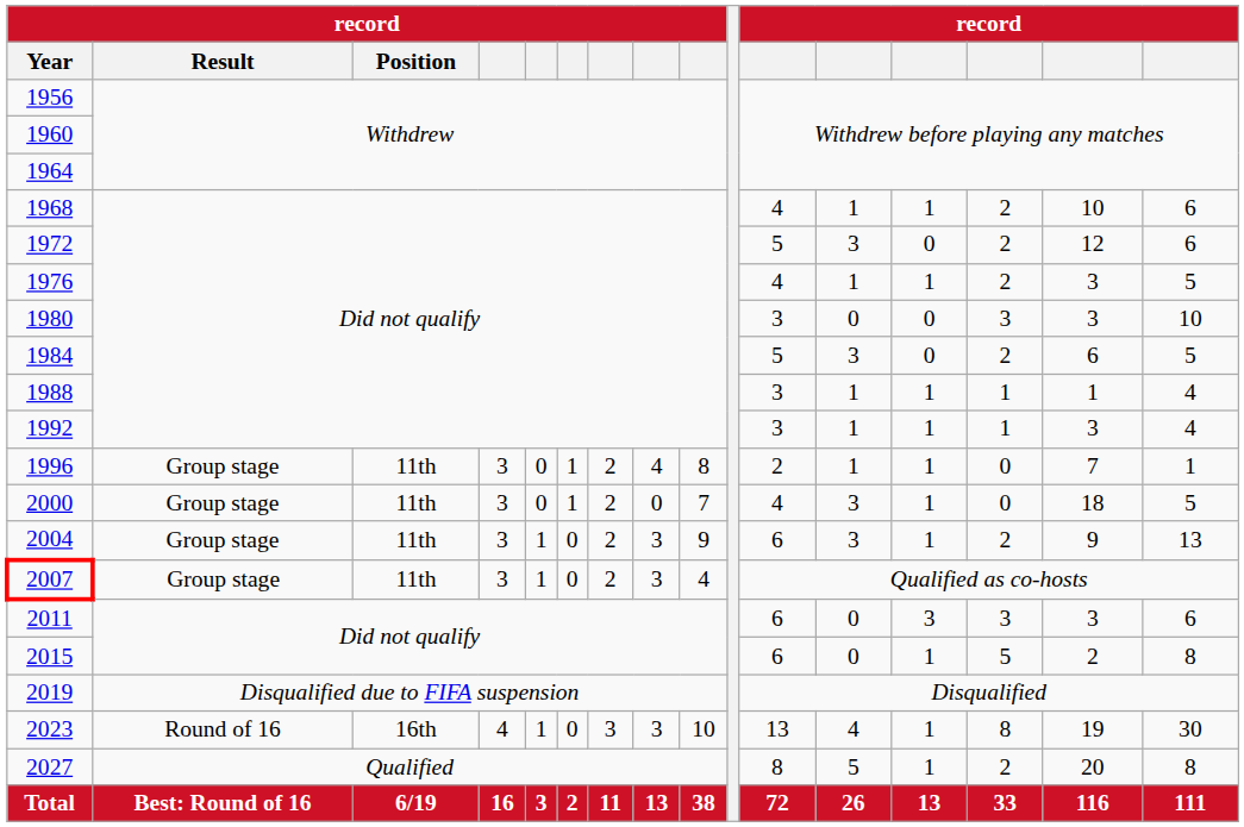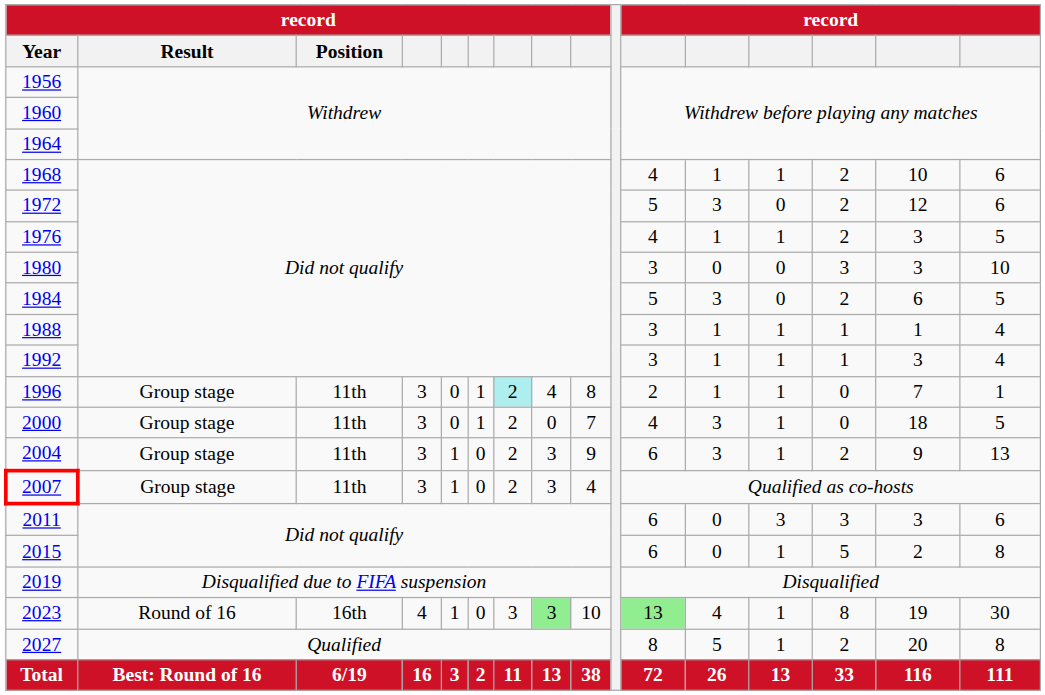 <table class="wikitable" style="text-align: center; width: 850px;">
 <tr>
 <th colspan=9 style="background: #CE1126; color: #FFFFFF;"><a href='#'></a> record</th>
 <th style="width:1%;" rowspan="22"></th>
 <th colspan=6 style="background: #CE1126; color: #FFFFFF;"><a href='#'></a> record</th>
 </tr>
 <tr>
 <th>Year</th>
 <th>Result</th>
 <th>Position</th>
 <th></th>
 <th></th>
 <th></th>
 <th></th>
 <th></th>
 <th></th>
 <th></th>
 <th></th>
 <th></th>
 <th></th>
 <th></th>
 <th></th>
 </tr>
 <tr>
 <td> <a href='#'>1956</a></td>
 <td rowspan=3 colspan=8><em>Withdrew</em></td>
 <td rowspan=3 colspan=6><em>Withdrew before playing any matches</em></td>
 </tr>
 <tr>
 <td> <a href='#'>1960</a></td>
 </tr>
 <tr>
 <td> <a href='#'>1964</a></td>
 </tr>
 <tr>
 <td> <a href='#'>1968</a></td>
 <td rowspan=7 colspan=8><em>Did not qualify</em></td>
 <td>4</td>
 <td>1</td>
 <td>1</td>
 <td>2</td>
 <td>10</td>
 <td>6</td>
 </tr>
 <tr>
 <td> <a href='#'>1972</a></td>
 <td>5</td>
 <td>3</td>
 <td>0</td>
 <td>2</td>
 <td>12</td>
 <td>6</td>
 </tr>
 <tr>
 <td> <a href='#'>1976</a></td>
 <td>4</td>
 <td>1</td>
 <td>1</td>
 <td>2</td>
 <td>3</td>
 <td>5</td>
 </tr>
 <tr>
 <td> <a href='#'>1980</a></td>
 <td>3</td>
 <td>0</td>
 <td>0</td>
 <td>3</td>
 <td>3</td>
 <td>10</td>
 </tr>
 <tr>
 <td> <a href='#'>1984</a></td>
 <td>5</td>
 <td>3</td>
 <td>0</td>
 <td>2</td>
 <td>6</td>
 <td>5</td>
 </tr>
 <tr>
 <td> <a href='#'>1988</a></td>
 <td>3</td>
 <td>1</td>
 <td>1</td>
 <td>1</td>
 <td>1</td>
 <td>4</td>
 </tr>
 <tr>
 <td> <a href='#'>1992</a></td>
 <td>3</td>
 <td>1</td>
 <td>1</td>
 <td>1</td>
 <td>3</td>
 <td>4</td>
 </tr>
 <tr>
 <td> <a href='#'>1996</a></td>
 <td>Group stage</td>
 <td>11th</td>
 <td>3</td>
 <td>0</td>
 <td>1</td>
-<td>2</td>
+<td style="background: paleturquoise;">2</td>
 <td>4</td>
 <td>8</td>
 <td>2</td>
 <td>1</td>
 <td>1</td>
 <td>0</td>
 <td>7</td>
 <td>1</td>
 </tr>
 <tr>
 <td> <a href='#'>2000</a></td>
 <td>Group stage</td>
 <td>11th</td>
 <td>3</td>
 <td>0</td>
 <td>1</td>
 <td>2</td>
 <td>0</td>
 <td>7</td>
 <td>4</td>
 <td>3</td>
 <td>1</td>
 <td>0</td>
 <td>18</td>
 <td>5</td>
 </tr>
 <tr>
 <td> <a href='#'>2004</a></td>
 <td>Group stage</td>
 <td>11th</td>
 <td>3</td>
 <td>1</td>
 <td>0</td>
 <td>2</td>
 <td>3</td>
 <td>9</td>
 <td>6</td>
 <td>3</td>
 <td>1</td>
 <td>2</td>
 <td>9</td>
 <td>13</td>
 </tr>
 <tr>
 <td style="border: 3px solid red"> <a href='#'>2007</a></td>
 <td>Group stage</td>
 <td>11th</td>
 <td>3</td>
 <td>1</td>
 <td>0</td>
 <td>2</td>
 <td>3</td>
 <td>4</td>
 <td colspan=6><em>Qualified as co-hosts</em></td>
 </tr>
 <tr>
 <td> <a href='#'>2011</a></td>
 <td rowspan=2 colspan=8><em>Did not qualify</em></td>
 <td>6</td>
 <td>0</td>
 <td>3</td>
 <td>3</td>
 <td>3</td>
 <td>6</td>
 </tr>
 <tr>
 <td> <a href='#'>2015</a></td>
 <td>6</td>
 <td>0</td>
 <td>1</td>
 <td>5</td>
 <td>2</td>
 <td>8</td>
 </tr>
 <tr>
 <td> <a href='#'>2019</a></td>
 <td colspan=8><em>Disqualified due to <a href='#'>FIFA</a> suspension</em></td>
 <td colspan=8><em>Disqualified</em></td>
 </tr>
 <tr>
 <td> <a href='#'>2023</a></td>
 <td>Round of 16</td>
 <td>16th</td>
 <td>4</td>
 <td>1</td>
 <td>0</td>
 <td>3</td>
-<td>3</td>
+<td style="background: lightgreen;">3</td>
 <td>10</td>
-<td>13</td>
+<td style="background: lightgreen;">13</td>
 <td>4</td>
 <td>1</td>
 <td>8</td>
 <td>19</td>
 <td>30</td>
 </tr>
 <tr>
 <td> <a href='#'>2027</a></td>
 <td colspan=8><em>Qualified</em></td>
 <td>8</td>
 <td>5</td>
 <td>1</td>
 <td>2</td>
 <td>20</td>
 <td>8</td>
 </tr>
 <tr style="background: #CE1126; color: #FFFFFF;|">
 <td><strong>Total</strong></td>
 <td><strong>Best: Round of 16</strong></td>
 <td><strong>6/19</strong></td>
 <td><strong>16</strong></td>
 <td><strong>3</strong></td>
 <td><strong>2</strong></td>
 <td><strong>11</strong></td>
 <td><strong>13</strong></td>
 <td><strong>38</strong></td>
 <td><strong>72</strong></td>
 <td><strong>26</strong></td>
 <td><strong>13</strong></td>
 <td><strong>33</strong></td>
 <td><strong>116</strong></td>
 <td><strong>111</strong></td>
 </tr>
 </table>
